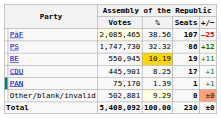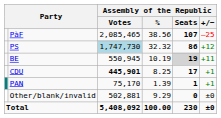 <table class="wikitable" style="text-align:right; font-size:95%;">
 <tr>
 <th colspan="2" rowspan="2">Party</th>
 <th colspan="4">Assembly of the Republic</th>
 </tr>
 <tr>
 <th>Votes</th>
 <th>%</th>
 <th>Seats</th>
 <th>+/−</th>
 </tr>
 <tr>
 <td style="background:"></td>
 <td align="left"><a href='#'>PàF</a></td>
-<td style="background: lightyellow;">2,085,465</td>
+<td>2,085,465</td>
 <td>38.56</td>
 <td><strong>107</strong></td>
-<td style="color:red;"><strong>–25</strong></td>
+<td style="color:red;">–25</td>
 </tr>
 <tr>
 <td style="background:"></td>
 <td align="left"><a href='#'>PS</a></td>
-<td>1,747,730</td>
+<td style="background: lightblue;">1,747,730</td>
 <td>32.32</td>
 <td><strong>86</strong></td>
-<td style="color:green;"><strong>+12</strong></td>
+<td style="color:green;">+12</td>
 </tr>
 <tr>
 <td style="background:"></td>
 <td align="left"><a href='#'>BE</a></td>
 <td>550,945</td>
-<td style="background: gold;">10.19</td>
-<td><strong>19</strong></td>
+<td>10.19</td>
+<td style="background: lightgrey;"><strong>19</strong></td>
 <td style="color:green;">+11</td>
 </tr>
 <tr>
 <td style="background:"></td>
 <td align="left"><a href='#'>CDU</a></td>
-<td>445,901</td>
+<td><strong>445,901</strong></td>
 <td>8.25</td>
 <td><strong>17</strong></td>
 <td style="color:green;">+1</td>
 </tr>
 <tr>
 <td style="background:teal;"></td>
 <td align="left"><a href='#'>PAN</a></td>
 <td>75,170</td>
 <td>1.39</td>
 <td><strong>1</strong></td>
 <td style="color:green;">+1</td>
 </tr>
 <tr>
 <td style="background:white;"></td>
 <td align="left">Other/blank/invalid</td>
 <td>502,881</td>
-<td style="background: lightyellow;">9.29</td>
+<td>9.29</td>
 <td><strong>0</strong></td>
-<td style="background: lightsalmon;">±0</td>
+<td>±0</td>
 </tr>
 <tr style="font-weight:bold">
 <td colspan="2" align="left">Total</td>
 <td>5,408,092</td>
 <td>100.00</td>
 <td>230</td>
 <td>±0</td>
 </tr>
 </table>
